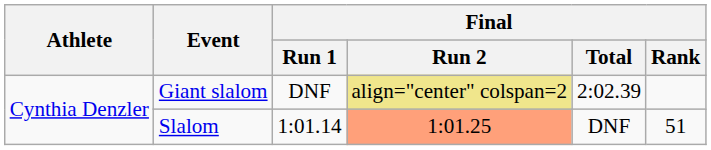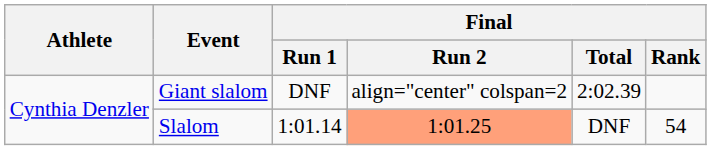 <table class="wikitable" style="font-size:90%">
 <tr>
 <th rowspan="2">Athlete</th>
 <th rowspan="2">Event</th>
 <th colspan="5">Final</th>
 </tr>
 <tr>
 <th>Run 1</th>
 <th>Run 2</th>
 <th>Total</th>
 <th>Rank</th>
 </tr>
 <tr>
 <td rowspan=2><a href='#'>Cynthia Denzler</a></td>
 <td><a href='#'>Giant slalom</a></td>
 <td align="center">DNF</td>
-<td style="background: khaki;">align="center" colspan=2 </td>
+<td>align="center" colspan=2 </td>
 <td align="center">2:02.39</td>
 </tr>
 <tr>
 <td><a href='#'>Slalom</a></td>
 <td align="center">1:01.14</td>
 <td align="center" style="background: lightsalmon;">1:01.25</td>
 <td align="center">DNF</td>
-<td align="center">51</td>
+<td align="center">54</td>
 </tr>
 </table>
